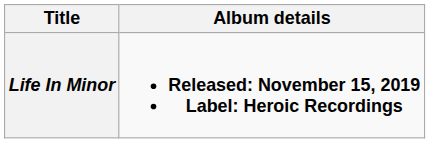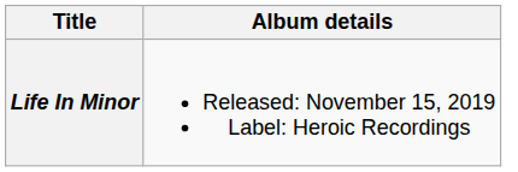 <table class="wikitable plainrowheaders" style="text-align:center;">
 <tr>
 <th scope="col">Title</th>
 <th scope="col">Album details</th>
 </tr>
 <tr>
 <th scope="row"><em>Life In Minor</em> </th>
-<td><strong><br><ul><li>Released: November 15, 2019</li><li>Label: Heroic Recordings</li></ul></strong></td>
+<td><br><ul><li>Released: November 15, 2019</li><li>Label: Heroic Recordings</li></ul></td>
 </tr>
 </table>
